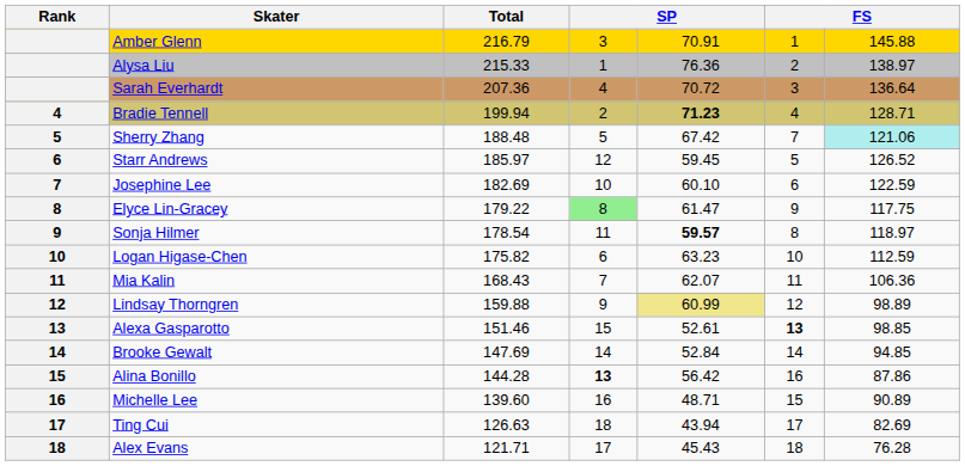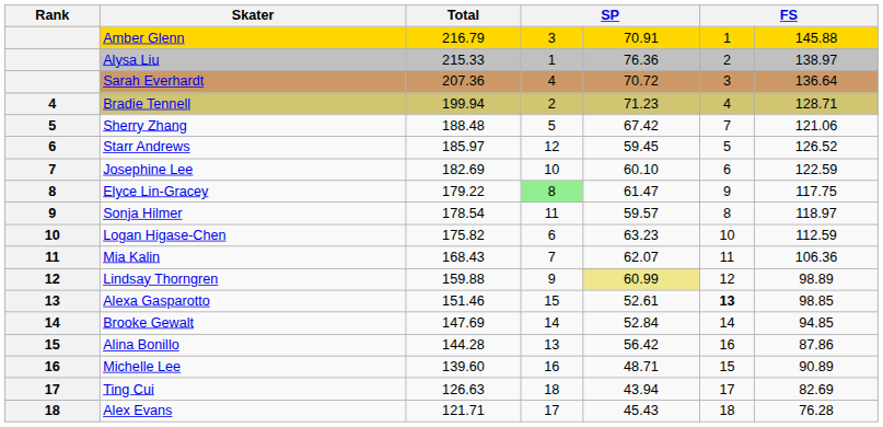 <table class="wikitable sortable" style="text-align:center; width:80%">
 <tr>
 <th scope="col">Rank</th>
 <th scope="col">Skater</th>
 <th scope="col">Total</th>
 <th scope="col" colspan="2" width="80px"><a href='#'>SP</a></th>
 <th scope="col" colspan="2" width="80px"><a href='#'>FS</a></th>
 </tr>
 <tr bgcolor="gold">
 <th scope="row"></th>
 <td align="left"><a href='#'>Amber Glenn</a></td>
 <td>216.79</td>
 <td>3</td>
 <td>70.91</td>
 <td>1</td>
 <td>145.88</td>
 </tr>
 <tr bgcolor="silver">
 <th scope="row"></th>
 <td align="left"><a href='#'>Alysa Liu</a></td>
 <td>215.33</td>
 <td>1</td>
 <td>76.36</td>
 <td>2</td>
 <td>138.97</td>
 </tr>
 <tr bgcolor="cc9966">
 <th scope="row"></th>
 <td align="left"><a href='#'>Sarah Everhardt</a></td>
 <td>207.36</td>
 <td>4</td>
 <td>70.72</td>
 <td>3</td>
 <td>136.64</td>
 </tr>
 <tr bgcolor="#d1c571">
 <th scope="row">4</th>
 <td align="left"><a href='#'>Bradie Tennell</a></td>
 <td>199.94</td>
 <td>2</td>
-<td><strong>71.23</strong></td>
+<td>71.23</td>
 <td>4</td>
 <td>128.71</td>
 </tr>
 <tr>
 <th scope="row">5</th>
 <td align="left"><a href='#'>Sherry Zhang</a></td>
 <td>188.48</td>
 <td>5</td>
 <td>67.42</td>
 <td>7</td>
-<td style="background: paleturquoise;">121.06</td>
+<td>121.06</td>
 </tr>
 <tr>
 <th scope="row">6</th>
 <td align="left"><a href='#'>Starr Andrews</a></td>
 <td>185.97</td>
 <td>12</td>
 <td>59.45</td>
 <td>5</td>
 <td>126.52</td>
 </tr>
 <tr>
 <th scope="row">7</th>
 <td align="left"><a href='#'>Josephine Lee</a></td>
 <td>182.69</td>
 <td>10</td>
 <td>60.10</td>
 <td>6</td>
 <td>122.59</td>
 </tr>
 <tr>
 <th scope="row">8</th>
 <td align="left"><a href='#'>Elyce Lin-Gracey</a></td>
 <td>179.22</td>
 <td style="background: lightgreen;">8</td>
 <td>61.47</td>
 <td>9</td>
 <td>117.75</td>
 </tr>
 <tr>
 <th scope="row">9</th>
 <td align="left"><a href='#'>Sonja Hilmer</a></td>
 <td>178.54</td>
 <td>11</td>
-<td><strong>59.57</strong></td>
+<td>59.57</td>
 <td>8</td>
 <td>118.97</td>
 </tr>
 <tr>
 <th scope="row">10</th>
 <td align="left"><a href='#'>Logan Higase-Chen</a></td>
 <td>175.82</td>
 <td>6</td>
 <td>63.23</td>
 <td>10</td>
 <td>112.59</td>
 </tr>
 <tr>
 <th scope="row">11</th>
 <td align="left"><a href='#'>Mia Kalin</a></td>
 <td>168.43</td>
 <td>7</td>
 <td>62.07</td>
 <td>11</td>
 <td>106.36</td>
 </tr>
 <tr>
 <th scope="row">12</th>
 <td align="left"><a href='#'>Lindsay Thorngren</a></td>
 <td>159.88</td>
 <td>9</td>
 <td style="background: khaki;">60.99</td>
 <td>12</td>
 <td>98.89</td>
 </tr>
 <tr>
 <th scope="row">13</th>
 <td align="left"><a href='#'>Alexa Gasparotto</a></td>
 <td>151.46</td>
 <td>15</td>
 <td>52.61</td>
 <td><strong>13</strong></td>
 <td>98.85</td>
 </tr>
 <tr>
 <th scope="row">14</th>
 <td align="left"><a href='#'>Brooke Gewalt</a></td>
 <td>147.69</td>
 <td>14</td>
 <td>52.84</td>
 <td>14</td>
 <td>94.85</td>
 </tr>
 <tr>
 <th scope="row">15</th>
 <td align="left"><a href='#'>Alina Bonillo</a></td>
 <td>144.28</td>
-<td><strong>13</strong></td>
+<td>13</td>
 <td>56.42</td>
 <td>16</td>
 <td>87.86</td>
 </tr>
 <tr>
 <th scope="row">16</th>
 <td align="left"><a href='#'>Michelle Lee</a></td>
 <td>139.60</td>
 <td>16</td>
 <td>48.71</td>
 <td>15</td>
 <td>90.89</td>
 </tr>
 <tr>
 <th scope="row">17</th>
 <td align="left"><a href='#'>Ting Cui</a></td>
 <td>126.63</td>
 <td>18</td>
 <td>43.94</td>
 <td>17</td>
 <td>82.69</td>
 </tr>
 <tr>
 <th scope="row">18</th>
 <td align="left"><a href='#'>Alex Evans</a></td>
 <td>121.71</td>
 <td>17</td>
 <td>45.43</td>
 <td>18</td>
 <td>76.28</td>
 </tr>
 </table>
